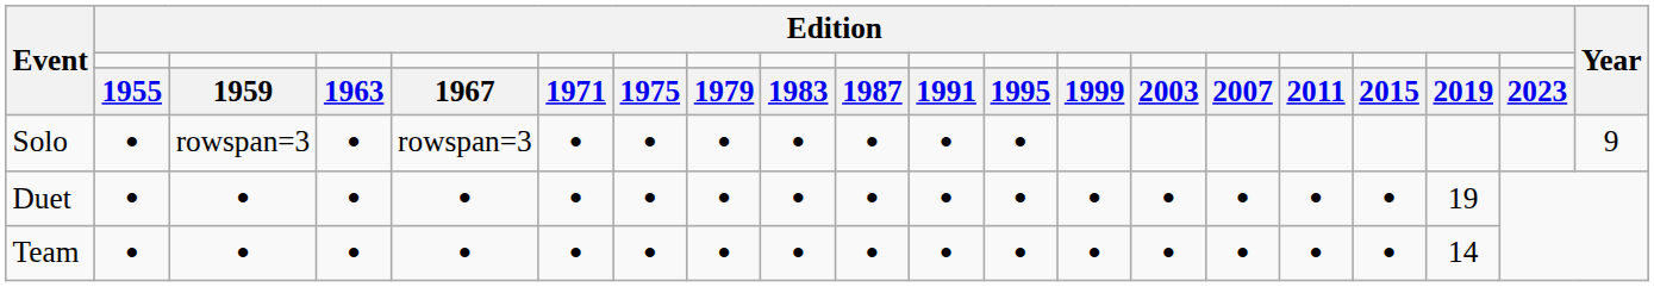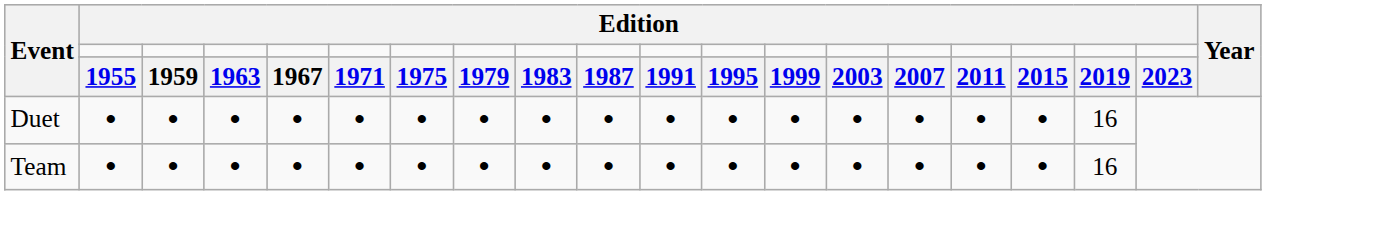 <table class="wikitable" style="text-align:center;">
 <tr>
 <th rowspan="3">Event</th>
 <th colspan="18">Edition</th>
 <th rowspan="3">Year</th>
 </tr>
 <tr>
 <td></td>
 <td></td>
 <td></td>
 <td></td>
 <td></td>
 <td></td>
 <td></td>
 <td></td>
 <td></td>
 <td></td>
 <td></td>
 <td></td>
 <td></td>
 <td></td>
 <td></td>
 <td></td>
 <td></td>
 <td></td>
 </tr>
 <tr>
 <th><a href='#'>1955</a></th>
 <th>1959</th>
 <th><a href='#'>1963</a></th>
 <th>1967</th>
 <th><a href='#'>1971</a></th>
 <th><a href='#'>1975</a></th>
 <th><a href='#'>1979</a></th>
 <th><a href='#'>1983</a></th>
 <th><a href='#'>1987</a></th>
 <th><a href='#'>1991</a></th>
 <th><a href='#'>1995</a></th>
 <th><a href='#'>1999</a></th>
 <th><a href='#'>2003</a></th>
 <th><a href='#'>2007</a></th>
 <th><a href='#'>2011</a></th>
 <th><a href='#'>2015</a></th>
 <th><a href='#'>2019</a></th>
 <th><a href='#'>2023</a></th>
 </tr>
 <tr>
-<td align=left>Solo</td>
-<td><big><strong>•</strong></big></td>
-<td>rowspan=3 </td>
-<td><big><strong>•</strong></big></td>
-<td>rowspan=3 </td>
-<td><big><strong>•</strong></big></td>
-<td><big><strong>•</strong></big></td>
-<td><big><strong>•</strong></big></td>
-<td><big><strong>•</strong></big></td>
-<td><big><strong>•</strong></big></td>
-<td><big><strong>•</strong></big></td>
-<td><big><strong>•</strong></big></td>
-<td></td>
-<td></td>
-<td></td>
-<td></td>
-<td></td>
-<td></td>
-<td></td>
-<td align=center>9</td>
-</tr>
-<tr>
 <td align=left>Duet</td>
 <td><big><strong>•</strong></big></td>
 <td><big><strong>•</strong></big></td>
 <td><big><strong>•</strong></big></td>
 <td><big><strong>•</strong></big></td>
 <td><big><strong>•</strong></big></td>
 <td><big><strong>•</strong></big></td>
 <td><big><strong>•</strong></big></td>
 <td><big><strong>•</strong></big></td>
 <td><big><strong>•</strong></big></td>
 <td><big><strong>•</strong></big></td>
 <td><big><strong>•</strong></big></td>
 <td><big><strong>•</strong></big></td>
 <td><big><strong>•</strong></big></td>
 <td><big><strong>•</strong></big></td>
 <td><big><strong>•</strong></big></td>
 <td><big><strong>•</strong></big></td>
-<td align=center>19</td>
+<td align=center>16</td>
 </tr>
 <tr>
 <td align=left>Team</td>
 <td><big><strong>•</strong></big></td>
 <td><big><strong>•</strong></big></td>
 <td><big><strong>•</strong></big></td>
 <td><big><strong>•</strong></big></td>
 <td><big><strong>•</strong></big></td>
 <td><big><strong>•</strong></big></td>
 <td><big><strong>•</strong></big></td>
 <td><big><strong>•</strong></big></td>
 <td><big><strong>•</strong></big></td>
 <td><big><strong>•</strong></big></td>
 <td><big><strong>•</strong></big></td>
 <td><big><strong>•</strong></big></td>
 <td><big><strong>•</strong></big></td>
 <td><big><strong>•</strong></big></td>
 <td><big><strong>•</strong></big></td>
 <td><big><strong>•</strong></big></td>
-<td align=center>14</td>
+<td align=center>16</td>
 </tr>
 </table>
